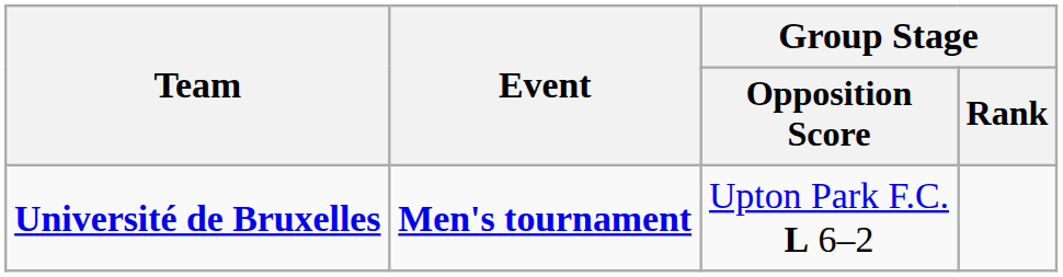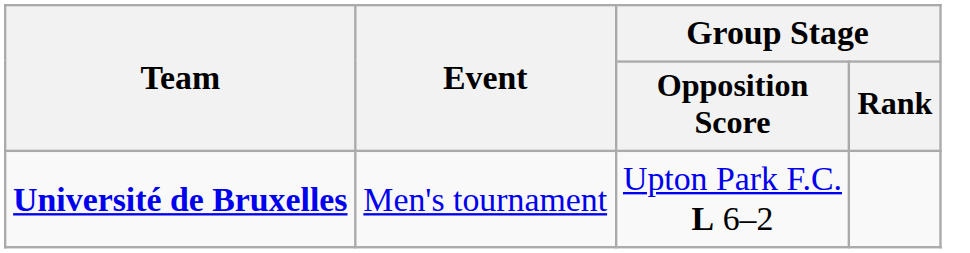 <table class="wikitable" style="font-size:90%">
 <tr>
 <th rowspan=2>Team</th>
 <th rowspan=2>Event</th>
 <th colspan=3>Group Stage</th>
 </tr>
 <tr style="font-size:95%">
 <th>Opposition<br>Score</th>
 <th>Rank</th>
 </tr>
 <tr align=center>
 <td align=left><strong><a href='#'>Université de Bruxelles</a></strong></td>
-<td align=left><strong><a href='#'>Men's tournament</a></strong></td>
+<td align=left><a href='#'>Men's tournament</a></td>
 <td><a href='#'>Upton Park F.C.</a><br><strong>L</strong> 6–2</td>
 <td></td>
 </tr>
 </table>
